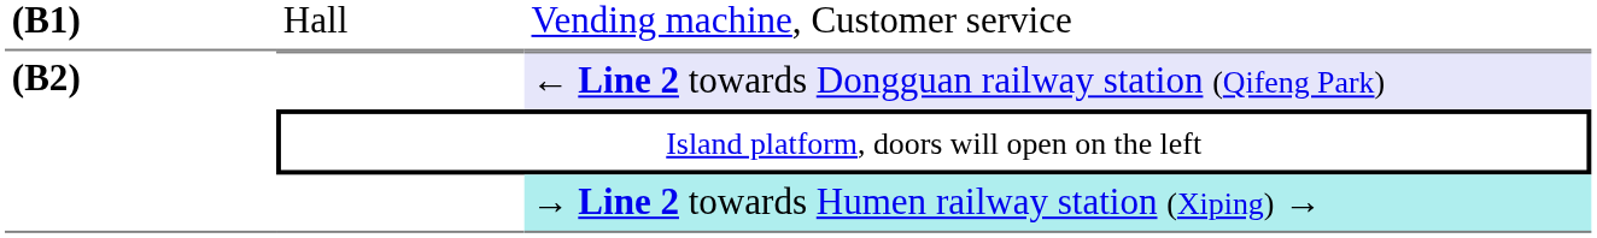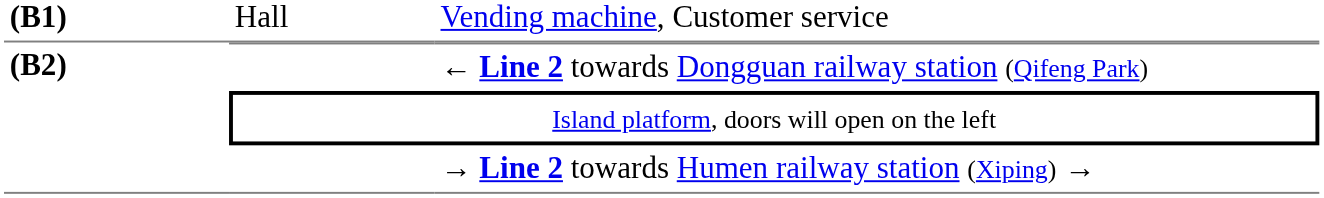 <table table border=0 cellspacing=0 cellpadding=3>
 <tr>
 <td style="border-bottom:solid 1px gray;border-top:solid 0px gray;" width=110 valign=top><strong>(B1)</strong></td>
 <td style="border-top:solid 0px gray;border-bottom:solid 1px gray;" width=100 valign=top>Hall</td>
 <td style="border-top:solid 0px gray;border-bottom:solid 1px gray;" width=390 valign=top><a href='#'>Vending machine</a>, Customer service</td>
 </tr>
 <tr>
 <td style="border-top:solid 0px gray;border-bottom:solid 1px gray;" width=110 rowspan=3 valign=top><strong>(B2)</strong></td>
 <td style="border-top:solid 1px gray;" width=100><span></span></td>
-<td style="background: lavender; border-top:solid 1px gray;" width=450>← <a href='#'><span><strong>Line 2</strong></span></a> towards <a href='#'>Dongguan railway station</a> <small>(<a href='#'>Qifeng Park</a>)</small></td>
+<td style="border-top:solid 1px gray;" width=450>← <a href='#'><span><strong>Line 2</strong></span></a> towards <a href='#'>Dongguan railway station</a> <small>(<a href='#'>Qifeng Park</a>)</small></td>
 </tr>
 <tr>
 <td style="border-top:solid 2px black;border-right:solid 2px black;border-left:solid 2px black;border-bottom:solid 2px black;text-align:center;" colspan=2><small><a href='#'>Island platform</a>, doors will open on the left</small></td>
 </tr>
 <tr>
 <td style="border-bottom:solid 1px gray;" width=100><span></span></td>
-<td style="background: paleturquoise; border-bottom:solid 1px gray;" width=390><span>→</span> <a href='#'><span><strong>Line 2</strong></span></a> towards <a href='#'>Humen railway station</a> <small>(<a href='#'>Xiping</a>)</small> →</td>
+<td style="border-bottom:solid 1px gray;" width=390><span>→</span> <a href='#'><span><strong>Line 2</strong></span></a> towards <a href='#'>Humen railway station</a> <small>(<a href='#'>Xiping</a>)</small> →</td>
 </tr>
 </table>
